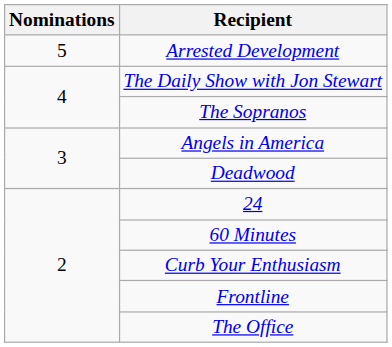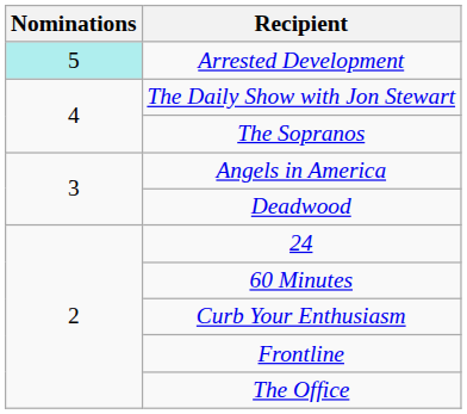 <table class="wikitable sortable" style="text-align: center">
 <tr>
 <th scope="col" style="width:55px;">Nominations</th>
 <th scope="col" style="text-align:center;">Recipient</th>
 </tr>
 <tr>
-<td rowspan="1">5</td>
+<td rowspan="1" style="background: paleturquoise;">5</td>
 <td><em><a href='#'>Arrested Development</a></em></td>
 </tr>
 <tr>
 <td rowspan="2">4</td>
 <td><em><a href='#'>The Daily Show with Jon Stewart</a></em></td>
 </tr>
 <tr>
 <td><em><a href='#'>The Sopranos</a></em></td>
 </tr>
 <tr>
 <td rowspan="2">3</td>
 <td><em><a href='#'>Angels in America</a></em></td>
 </tr>
 <tr>
 <td><em><a href='#'>Deadwood</a></em></td>
 </tr>
 <tr>
 <td rowspan="5" style="text-align:center">2</td>
 <td><em><a href='#'>24</a></em></td>
 </tr>
 <tr>
 <td><em><a href='#'>60 Minutes</a></em></td>
 </tr>
 <tr>
 <td><em><a href='#'>Curb Your Enthusiasm</a></em></td>
 </tr>
 <tr>
 <td><em><a href='#'>Frontline</a></em></td>
 </tr>
 <tr>
 <td><em><a href='#'>The Office</a></em></td>
 </tr>
 </table>
